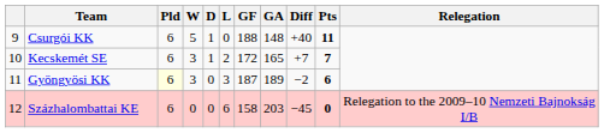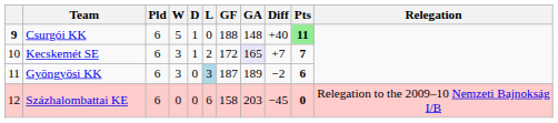 <table class="wikitable sortable" style="text-align:center">
 <tr>
 <th></th>
 <th width="150">Team</th>
 <th>Pld</th>
 <th>W</th>
 <th>D</th>
 <th>L</th>
 <th>GF</th>
 <th>GA</th>
 <th>Diff</th>
 <th>Pts</th>
 <th width="300">Relegation</th>
 </tr>
 <tr>
-<td>9</td>
+<td><strong>9</strong></td>
 <td align=left><a href='#'>Csurgói KK</a></td>
 <td>6</td>
 <td>5</td>
 <td>1</td>
 <td>0</td>
 <td>188</td>
 <td>148</td>
 <td>+40</td>
-<td><strong>11</strong></td>
+<td style="background: lightgreen;"><strong>11</strong></td>
 </tr>
 <tr>
 <td>10</td>
 <td align=left><a href='#'>Kecskemét SE</a></td>
 <td>6</td>
 <td>3</td>
 <td>1</td>
 <td>2</td>
 <td>172</td>
-<td>165</td>
+<td style="background: lavender;">165</td>
 <td>+7</td>
 <td><strong>7</strong></td>
 </tr>
 <tr>
 <td>11</td>
 <td align=left><a href='#'>Gyöngyösi KK</a></td>
-<td style="background: lightyellow;">6</td>
+<td>6</td>
 <td>3</td>
 <td>0</td>
-<td>3</td>
+<td style="background: lightblue;">3</td>
 <td>187</td>
 <td>189</td>
 <td>−2</td>
 <td><strong>6</strong></td>
 </tr>
 <tr style="background: #FFCCCC;">
 <td>12</td>
 <td align=left><a href='#'>Százhalombattai KE</a></td>
 <td>6</td>
 <td>0</td>
 <td>0</td>
 <td>6</td>
 <td>158</td>
 <td>203</td>
 <td>−45</td>
 <td><strong>0</strong></td>
 <td>Relegation to the 2009–10 <a href='#'>Nemzeti Bajnokság I/B</a></td>
 </tr>
 </table>
